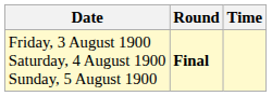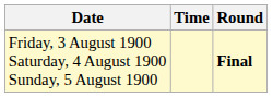 <table class="wikitable">
 <tr>
 <th>Date</th>
+<th>Time</th>
 <th>Round</th>
-<th>Time</th>
 </tr>
 <tr style=background:lemonchiffon>
 <td>Friday, 3 August 1900<br>Saturday, 4 August 1900<br>Sunday, 5 August 1900</td>
+<td></td>
 <td><strong>Final</strong></td>
-<td></td>
 </tr>
 </table>
